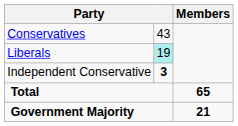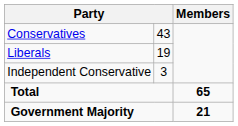 <table class="wikitable">
 <tr>
 <th colspan="2">Party</th>
 <th>Members</th>
 </tr>
 <tr>
 <td><a href='#'>Conservatives</a></td>
 <td align=center>43</td>
 </tr>
 <tr>
 <td><a href='#'>Liberals</a></td>
-<td align=center style="background: paleturquoise;">19</td>
+<td align=center>19</td>
 </tr>
 <tr>
 <td>Independent Conservative</td>
-<td align=center><strong>3</strong></td>
+<td align=center>3</td>
 </tr>
 <tr>
 <td colspan="2" rowspan="1"> <strong>Total</strong><br></td>
 <td align=center><strong>65</strong></td>
 </tr>
 <tr>
 <td colspan="2" rowspan="1"> <strong>Government Majority</strong><br></td>
 <td align=center><strong>21</strong></td>
 </tr>
 </table>
